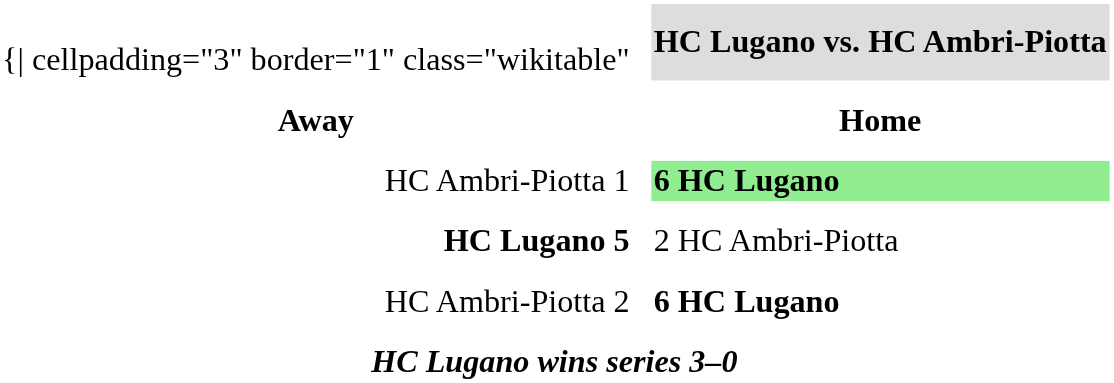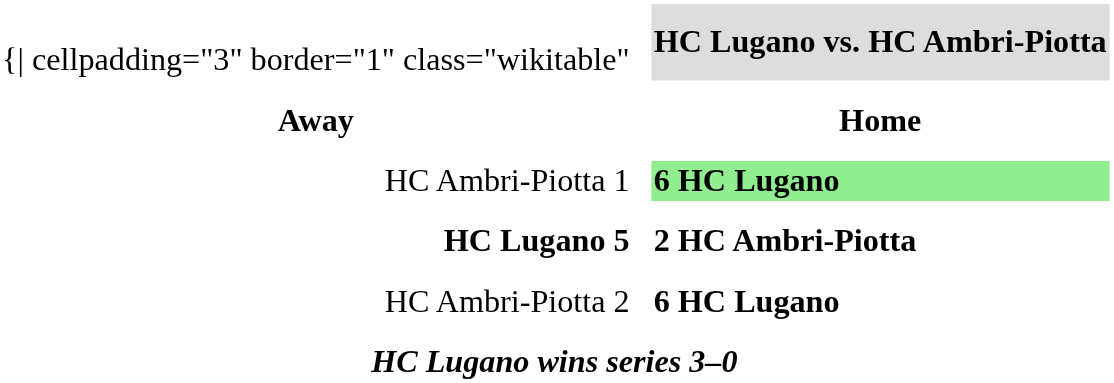 <table cellspacing="10">
 <tr>
 <td valign="top"><br>	{| cellpadding="3" border="1"  class="wikitable"</td>
 <th bgcolor="#DDDDDD" colspan="4">HC Lugano vs. HC Ambri-Piotta</th>
 </tr>
 <tr>
 <th>Away</th>
 <th>Home</th>
 </tr>
 <tr>
 <td align = "right">HC Ambri-Piotta 1</td>
 <td style="background: lightgreen;"><strong>6 HC Lugano</strong></td>
 </tr>
 <tr>
 <td align = "right"><strong>HC Lugano 5</strong></td>
-<td>2 HC Ambri-Piotta</td>
+<td><strong>2 HC Ambri-Piotta</strong></td>
 </tr>
 <tr>
 <td align = "right">HC Ambri-Piotta 2</td>
 <td><strong>6 HC Lugano</strong></td>
 </tr>
 <tr align="center">
 <td colspan="4"><strong><em>HC Lugano wins series 3–0</em></strong></td>
 </tr>
 </table>
